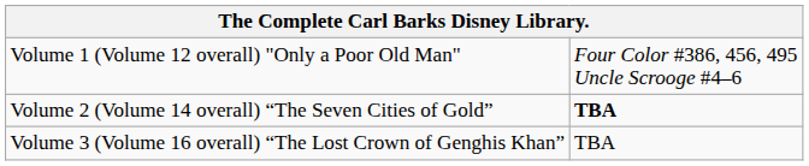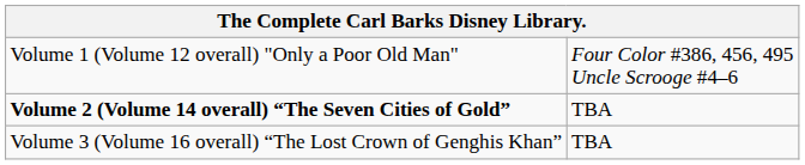 <table class="wikitable">
 <tr>
 <th colspan="2">The Complete Carl Barks Disney Library.</th>
 </tr>
 <tr>
 <td valign="top">Volume 1 (Volume 12 overall) "Only a Poor Old Man"</td>
 <td valign="top"><em>Four Color</em> #386, 456, 495<br> <em>Uncle Scrooge</em> #4–6</td>
 </tr>
 <tr>
-<td valign="top">Volume 2 (Volume 14 overall) “The Seven Cities of Gold”</td>
-<td valign="top"><strong>TBA</strong></td>
+<td valign="top"><strong>Volume 2 (Volume 14 overall) “The Seven Cities of Gold”</strong></td>
+<td valign="top">TBA</td>
 </tr>
 <tr>
 <td valign="top">Volume 3 (Volume 16 overall) “The Lost Crown of Genghis Khan”</td>
 <td valign="top">TBA</td>
 </tr>
 </table>
